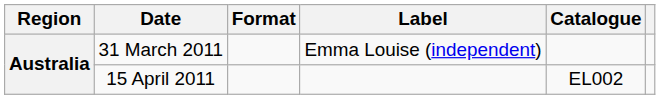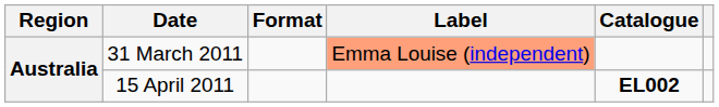 <table class="wikitable plainrowheaders" style="text-align:center;">
 <tr>
 <th scope="col">Region</th>
 <th scope="col">Date</th>
 <th scope="col">Format</th>
 <th scope="col">Label</th>
 <th scope="col">Catalogue</th>
 <th scope="col"></th>
 </tr>
 <tr>
 <th scope="row" rowspan="2">Australia</th>
 <td>31 March 2011</td>
 <td></td>
-<td>Emma Louise (<a href='#'>independent</a>)</td>
+<td style="background: lightsalmon;">Emma Louise (<a href='#'>independent</a>)</td>
 <td></td>
 <td></td>
 </tr>
 <tr>
 <td>15 April 2011</td>
 <td></td>
 <td></td>
-<td>EL002</td>
+<td><strong>EL002</strong></td>
 <td></td>
 </tr>
 </table>
